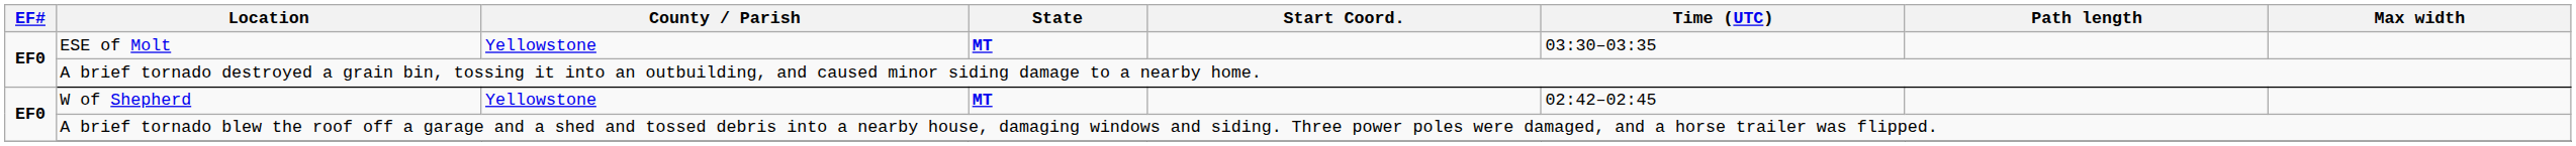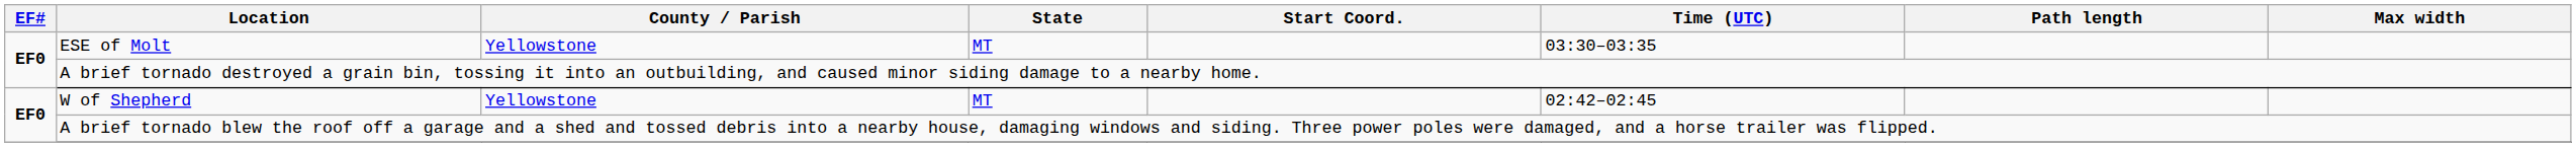 <table class="wikitable sortable" style="width:100%;">
 <tr>
 <th scope="col" width="2%" align="center"><a href='#'>EF#</a></th>
 <th scope="col" align="center" class="unsortable">Location</th>
 <th scope="col" align="center" class="unsortable">County / Parish</th>
 <th scope="col" align="center">State</th>
 <th scope="col" align="center" data-sort-type="number">Start Coord.</th>
 <th scope="col" align="center" data-sort-type="number">Time (<a href='#'>UTC</a>)</th>
 <th scope="col" align="center" data-sort-type="number">Path length</th>
 <th scope="col" align="center" data-sort-type="number">Max width</th>
 </tr>
 <tr>
 <td rowspan="2" align="center"><strong>EF0</strong></td>
 <td>ESE of <a href='#'>Molt</a></td>
 <td><a href='#'>Yellowstone</a></td>
-<td><strong><a href='#'>MT</a></strong></td>
+<td><a href='#'>MT</a></td>
 <td></td>
 <td>03:30–03:35</td>
 <td></td>
 <td></td>
 </tr>
 <tr class="expand-child">
 <td colspan="8" style=" border-bottom: 1px solid black;">A brief tornado destroyed a grain bin, tossing it  into an outbuilding, and caused minor siding damage to a nearby home.</td>
 </tr>
 <tr>
 <td rowspan="2" align="center"><strong>EF0</strong></td>
 <td>W of <a href='#'>Shepherd</a></td>
 <td><a href='#'>Yellowstone</a></td>
-<td><strong><a href='#'>MT</a></strong></td>
+<td><a href='#'>MT</a></td>
 <td></td>
 <td>02:42–02:45</td>
 <td></td>
 <td></td>
 </tr>
 <tr class="expand-child">
 <td colspan="8" style=" border-bottom: 1px solid black;">A brief tornado blew the roof off a garage and a shed and tossed debris into a nearby house, damaging windows and siding. Three power poles were damaged, and a horse trailer was flipped.</td>
 </tr>
 <tr>
 </tr>
 </table>
